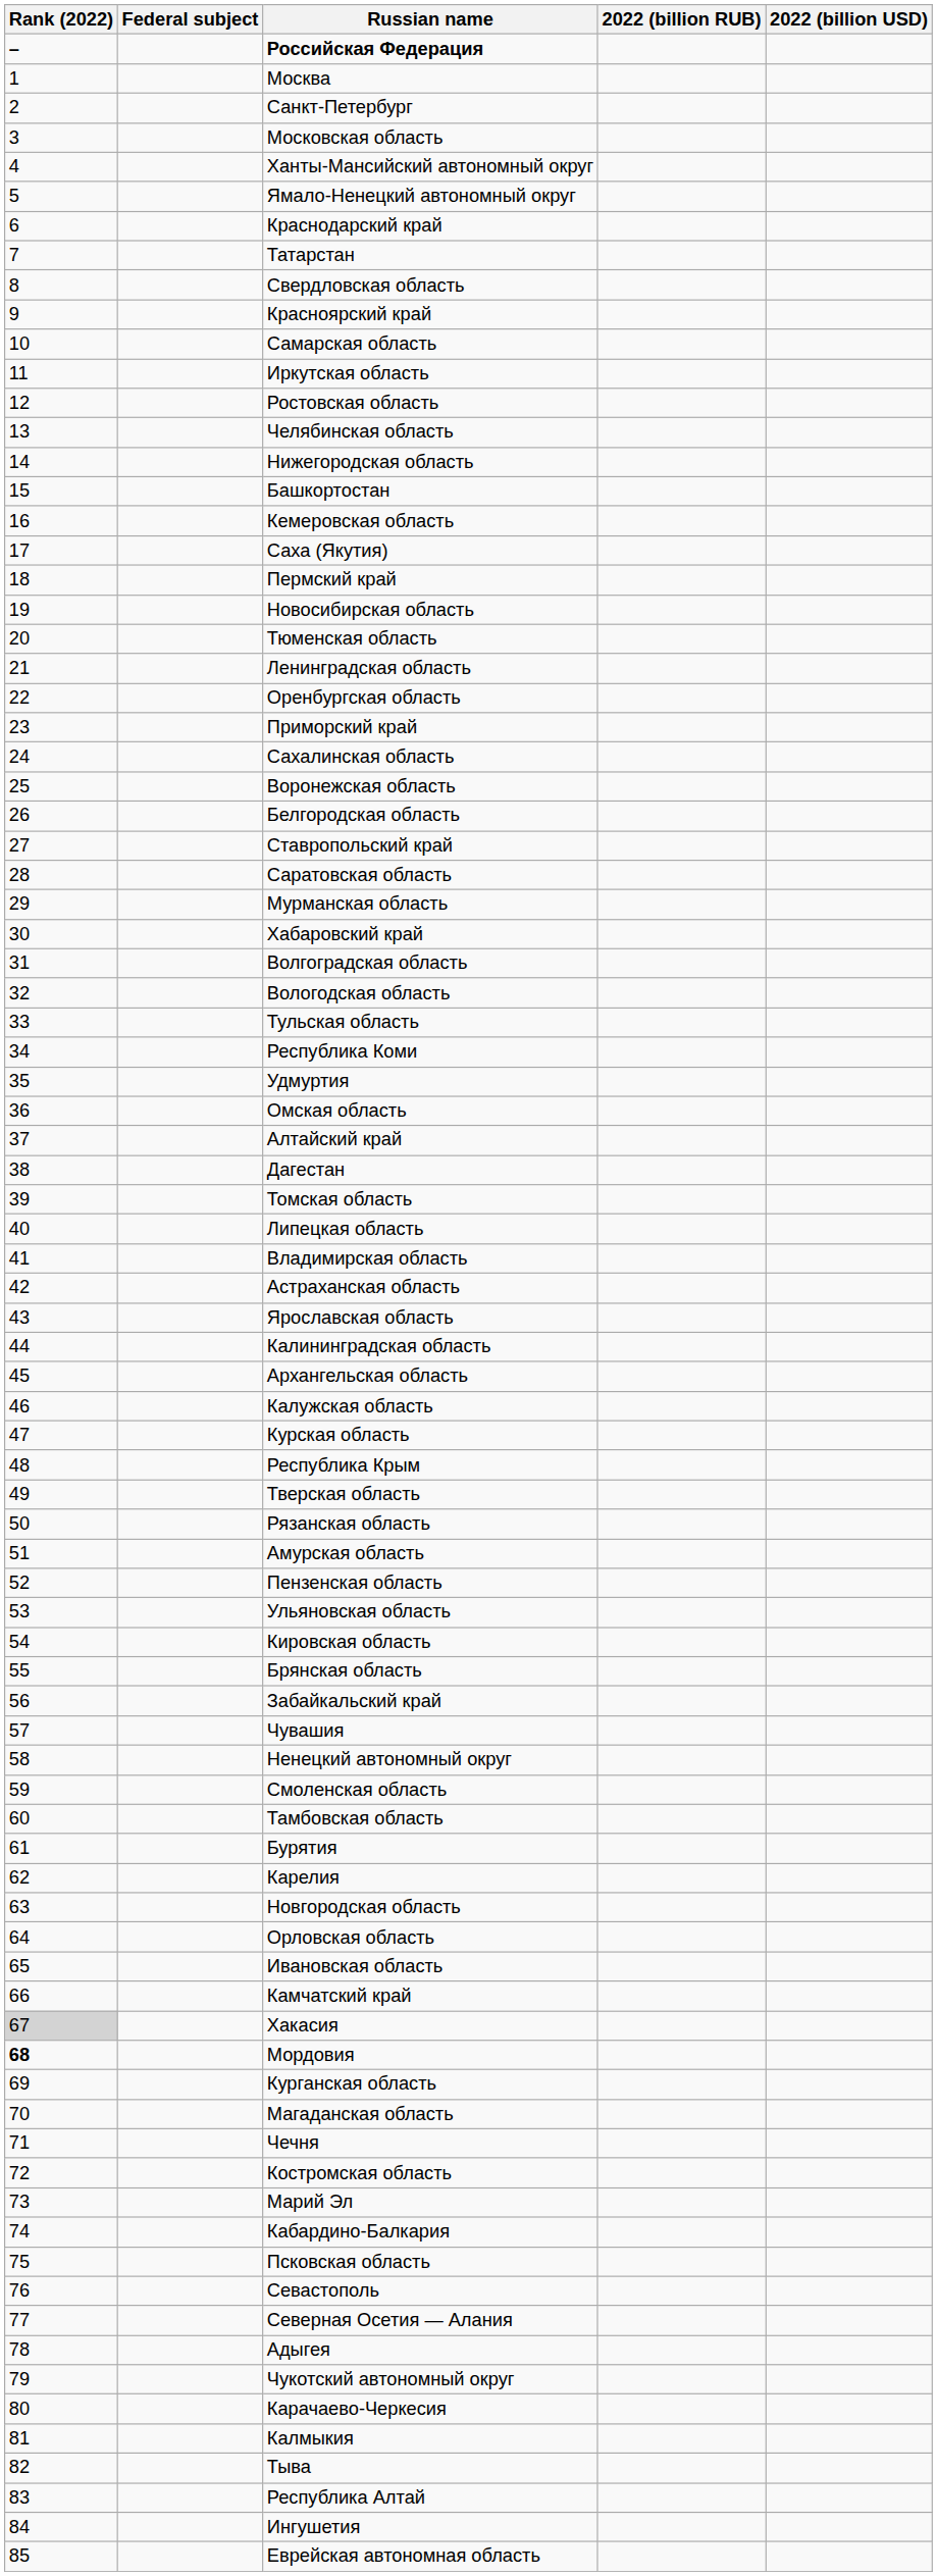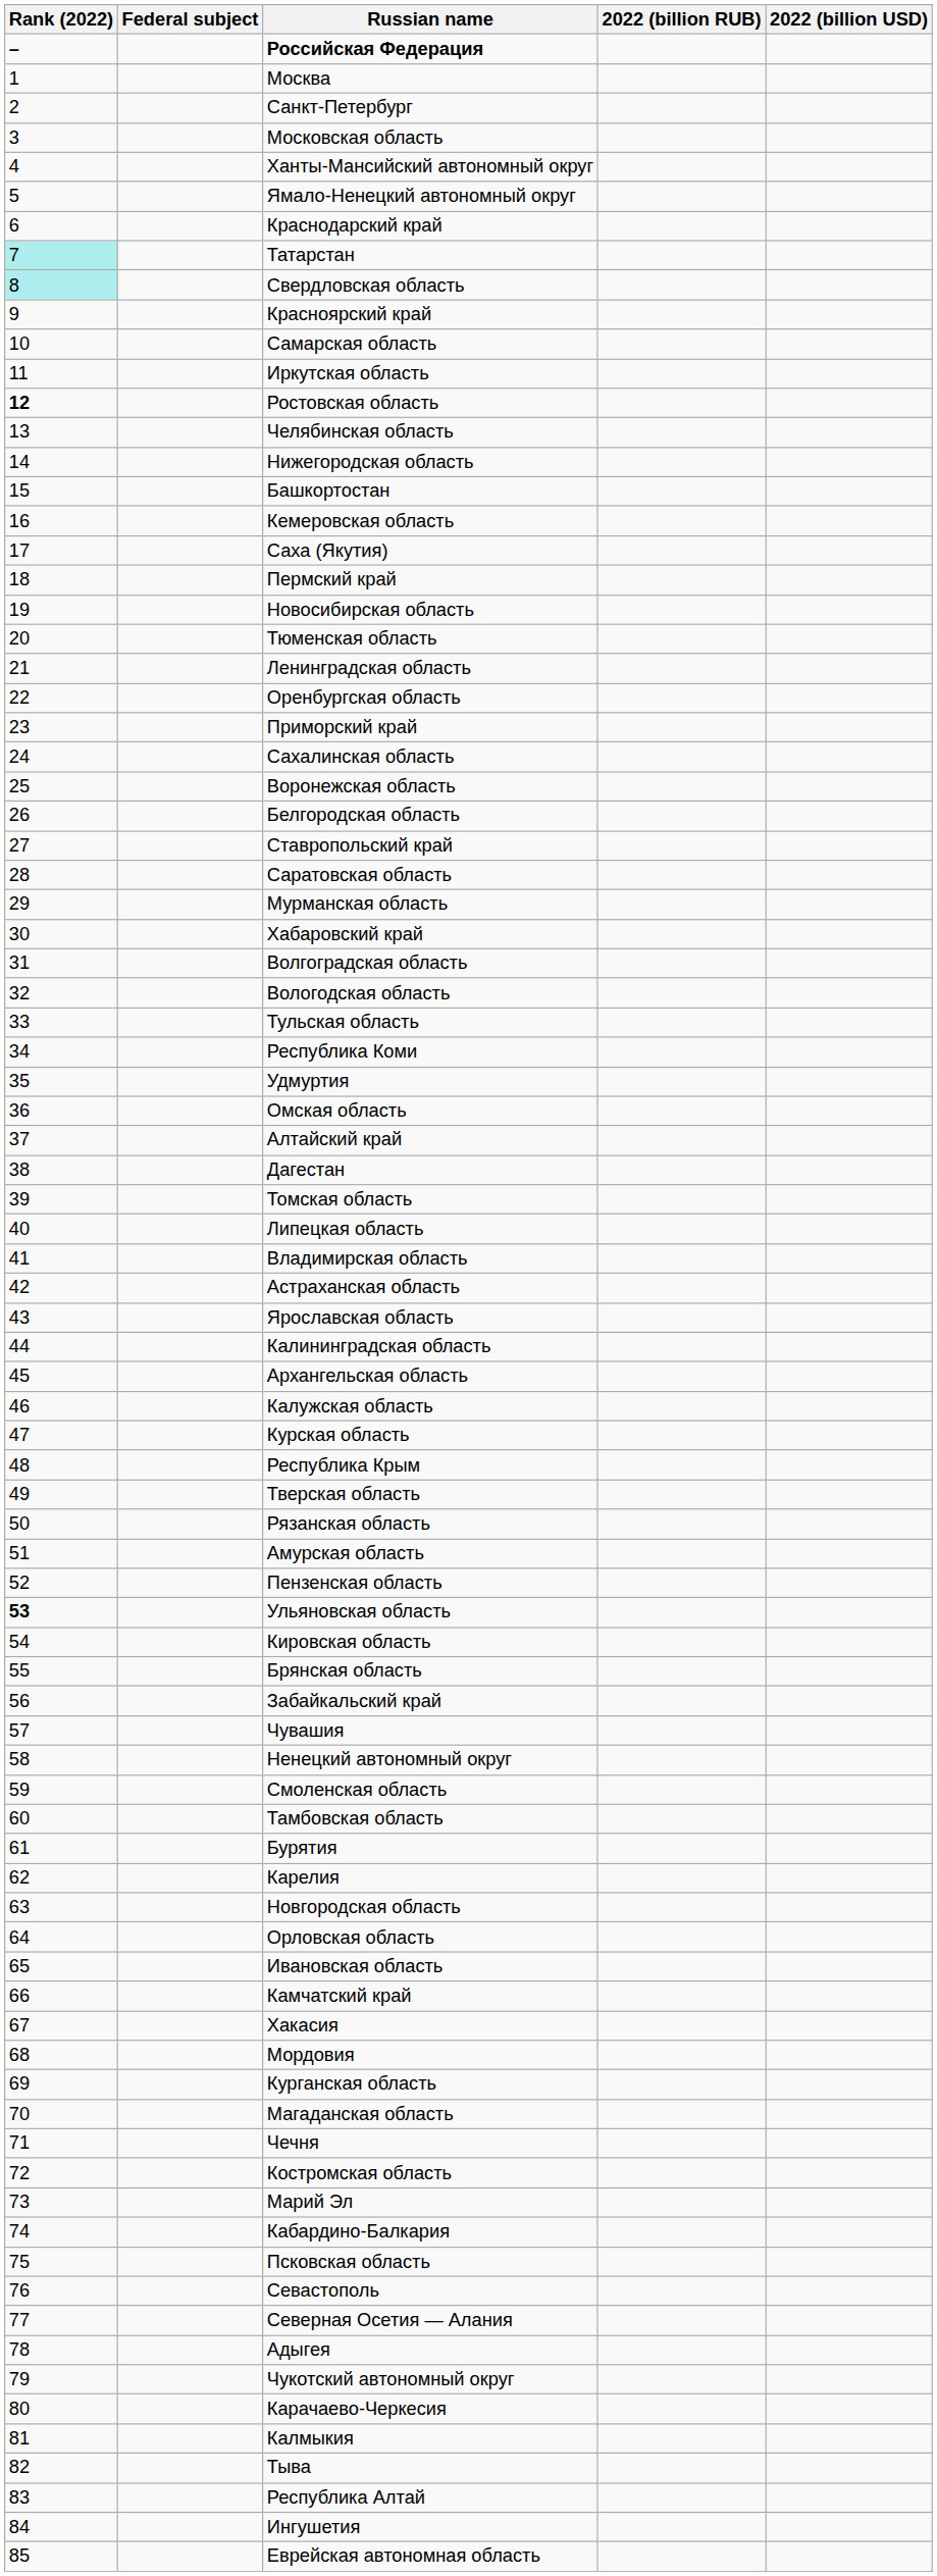 <table class="wikitable sortable">
 <tr>
 <th>Rank (2022)</th>
 <th>Federal subject</th>
 <th>Russian name</th>
 <th>2022 (billion RUB)</th>
 <th>2022 (billion USD)</th>
 </tr>
 <tr>
 <td><strong>–</strong></td>
 <td><strong> </strong></td>
 <td><strong>Российская Федерация</strong></td>
 <td></td>
 <td><strong></strong></td>
 </tr>
 <tr>
 <td>1</td>
 <td></td>
 <td>Москва</td>
 <td></td>
 <td></td>
 </tr>
 <tr>
 <td>2</td>
 <td></td>
 <td>Санкт-Петербург</td>
 <td></td>
 <td></td>
 </tr>
 <tr>
 <td>3</td>
 <td></td>
 <td>Московская область</td>
 <td></td>
 <td></td>
 </tr>
 <tr>
 <td>4</td>
 <td></td>
 <td>Ханты-Мансийский автономный округ</td>
 <td></td>
 <td></td>
 </tr>
 <tr>
 <td>5</td>
 <td></td>
 <td>Ямало-Ненецкий автономный округ</td>
 <td></td>
 <td></td>
 </tr>
 <tr>
 <td>6</td>
 <td></td>
 <td>Краснодарский край</td>
 <td></td>
 <td></td>
 </tr>
 <tr>
-<td>7</td>
+<td style="background: paleturquoise;">7</td>
 <td></td>
 <td>Татарстан</td>
 <td></td>
 <td></td>
 </tr>
 <tr>
-<td>8</td>
+<td style="background: paleturquoise;">8</td>
 <td></td>
 <td>Свердловская область</td>
 <td></td>
 <td></td>
 </tr>
 <tr>
 <td>9</td>
 <td></td>
 <td>Красноярский край</td>
 <td></td>
 <td></td>
 </tr>
 <tr>
 <td>10</td>
 <td></td>
 <td>Самарская область</td>
 <td></td>
 <td></td>
 </tr>
 <tr>
 <td>11</td>
 <td></td>
 <td>Иркутская область</td>
 <td></td>
 <td></td>
 </tr>
 <tr>
-<td>12</td>
+<td><strong>12</strong></td>
 <td></td>
 <td>Ростовская область</td>
 <td></td>
 <td></td>
 </tr>
 <tr>
 <td>13</td>
 <td></td>
 <td>Челябинская область</td>
 <td></td>
 <td></td>
 </tr>
 <tr>
 <td>14</td>
 <td></td>
 <td>Нижегородская область</td>
 <td></td>
 <td></td>
 </tr>
 <tr>
 <td>15</td>
 <td></td>
 <td>Башкортостан</td>
 <td></td>
 <td></td>
 </tr>
 <tr>
 <td>16</td>
 <td></td>
 <td>Кемеровская область</td>
 <td></td>
 <td></td>
 </tr>
 <tr>
 <td>17</td>
 <td></td>
 <td>Саха (Якутия)</td>
 <td></td>
 <td></td>
 </tr>
 <tr>
 <td>18</td>
 <td></td>
 <td>Пермский край</td>
 <td></td>
 <td></td>
 </tr>
 <tr>
 <td>19</td>
 <td></td>
 <td>Новосибирская область</td>
 <td></td>
 <td></td>
 </tr>
 <tr>
 <td>20</td>
 <td></td>
 <td>Тюменская область</td>
 <td></td>
 <td></td>
 </tr>
 <tr>
 <td>21</td>
 <td></td>
 <td>Ленинградская область</td>
 <td></td>
 <td></td>
 </tr>
 <tr>
 <td>22</td>
 <td></td>
 <td>Оренбургская область</td>
 <td></td>
 <td></td>
 </tr>
 <tr>
 <td>23</td>
 <td></td>
 <td>Приморский край</td>
 <td></td>
 <td></td>
 </tr>
 <tr>
 <td>24</td>
 <td></td>
 <td>Сахалинская область</td>
 <td></td>
 <td></td>
 </tr>
 <tr>
 <td>25</td>
 <td></td>
 <td>Воронежская область</td>
 <td></td>
 <td></td>
 </tr>
 <tr>
 <td>26</td>
 <td></td>
 <td>Белгородская область</td>
 <td></td>
 <td></td>
 </tr>
 <tr>
 <td>27</td>
 <td></td>
 <td>Ставропольский край</td>
 <td></td>
 <td></td>
 </tr>
 <tr>
 <td>28</td>
 <td></td>
 <td>Саратовская область</td>
 <td></td>
 <td></td>
 </tr>
 <tr>
 <td>29</td>
 <td></td>
 <td>Мурманская область</td>
 <td></td>
 <td></td>
 </tr>
 <tr>
 <td>30</td>
 <td></td>
 <td>Хабаровский край</td>
 <td></td>
 <td></td>
 </tr>
 <tr>
 <td>31</td>
 <td></td>
 <td>Волгоградская область</td>
 <td></td>
 <td></td>
 </tr>
 <tr>
 <td>32</td>
 <td></td>
 <td>Вологодская область</td>
 <td></td>
 <td></td>
 </tr>
 <tr>
 <td>33</td>
 <td></td>
 <td>Тульская область</td>
 <td></td>
 <td></td>
 </tr>
 <tr>
 <td>34</td>
 <td></td>
 <td>Республика Коми</td>
 <td></td>
 <td></td>
 </tr>
 <tr>
 <td>35</td>
 <td></td>
 <td>Удмуртия</td>
 <td></td>
 <td></td>
 </tr>
 <tr>
 <td>36</td>
 <td></td>
 <td>Омская область</td>
 <td></td>
 <td></td>
 </tr>
 <tr>
 <td>37</td>
 <td></td>
 <td>Алтайский край</td>
 <td></td>
 <td></td>
 </tr>
 <tr>
 <td>38</td>
 <td></td>
 <td>Дагестан</td>
 <td></td>
 <td></td>
 </tr>
 <tr>
 <td>39</td>
 <td></td>
 <td>Томская область</td>
 <td></td>
 <td></td>
 </tr>
 <tr>
 <td>40</td>
 <td></td>
 <td>Липецкая область</td>
 <td></td>
 <td></td>
 </tr>
 <tr>
 <td>41</td>
 <td></td>
 <td>Владимирская область</td>
 <td></td>
 <td></td>
 </tr>
 <tr>
 <td>42</td>
 <td></td>
 <td>Астраханская область</td>
 <td></td>
 <td></td>
 </tr>
 <tr>
 <td>43</td>
 <td></td>
 <td>Ярославская область</td>
 <td></td>
 <td></td>
 </tr>
 <tr>
 <td>44</td>
 <td></td>
 <td>Калининградская область</td>
 <td></td>
 <td></td>
 </tr>
 <tr>
 <td>45</td>
 <td></td>
 <td>Архангельская область</td>
 <td></td>
 <td></td>
 </tr>
 <tr>
 <td>46</td>
 <td></td>
 <td>Калужская область</td>
 <td></td>
 <td></td>
 </tr>
 <tr>
 <td>47</td>
 <td></td>
 <td>Курская область</td>
 <td></td>
 <td></td>
 </tr>
 <tr>
 <td>48</td>
 <td></td>
 <td>Республика Крым</td>
 <td></td>
 <td></td>
 </tr>
 <tr>
 <td>49</td>
 <td></td>
 <td>Тверская область</td>
 <td></td>
 <td></td>
 </tr>
 <tr>
 <td>50</td>
 <td></td>
 <td>Рязанская область</td>
 <td></td>
 <td></td>
 </tr>
 <tr>
 <td>51</td>
 <td></td>
 <td>Амурская область</td>
 <td></td>
 <td></td>
 </tr>
 <tr>
 <td>52</td>
 <td></td>
 <td>Пензенская область</td>
 <td></td>
 <td></td>
 </tr>
 <tr>
-<td>53</td>
+<td><strong>53</strong></td>
 <td></td>
 <td>Ульяновская область</td>
 <td></td>
 <td></td>
 </tr>
 <tr>
 <td>54</td>
 <td></td>
 <td>Кировская область</td>
 <td></td>
 <td></td>
 </tr>
 <tr>
 <td>55</td>
 <td></td>
 <td>Брянская область</td>
 <td></td>
 <td></td>
 </tr>
 <tr>
 <td>56</td>
 <td></td>
 <td>Забайкальский край</td>
 <td></td>
 <td></td>
 </tr>
 <tr>
 <td>57</td>
 <td></td>
 <td>Чувашия</td>
 <td></td>
 <td></td>
 </tr>
 <tr>
 <td>58</td>
 <td></td>
 <td>Ненецкий автономный округ</td>
 <td></td>
 <td></td>
 </tr>
 <tr>
 <td>59</td>
 <td></td>
 <td>Смоленская область</td>
 <td></td>
 <td></td>
 </tr>
 <tr>
 <td>60</td>
 <td></td>
 <td>Тамбовская область</td>
 <td></td>
 <td></td>
 </tr>
 <tr>
 <td>61</td>
 <td></td>
 <td>Бурятия</td>
 <td></td>
 <td></td>
 </tr>
 <tr>
 <td>62</td>
 <td></td>
 <td>Карелия</td>
 <td></td>
 <td></td>
 </tr>
 <tr>
 <td>63</td>
 <td></td>
 <td>Новгородская область</td>
 <td></td>
 <td></td>
 </tr>
 <tr>
 <td>64</td>
 <td></td>
 <td>Орловская область</td>
 <td></td>
 <td></td>
 </tr>
 <tr>
 <td>65</td>
 <td></td>
 <td>Ивановская область</td>
 <td></td>
 <td></td>
 </tr>
 <tr>
 <td>66</td>
 <td></td>
 <td>Камчатский край</td>
 <td></td>
 <td></td>
 </tr>
 <tr>
-<td style="background: lightgrey;">67</td>
+<td>67</td>
 <td></td>
 <td>Хакасия</td>
 <td></td>
 <td></td>
 </tr>
 <tr>
-<td><strong>68</strong></td>
+<td>68</td>
 <td></td>
 <td>Мордовия</td>
 <td></td>
 <td></td>
 </tr>
 <tr>
 <td>69</td>
 <td></td>
 <td>Курганская область</td>
 <td></td>
 <td></td>
 </tr>
 <tr>
 <td>70</td>
 <td></td>
 <td>Магаданская область</td>
 <td></td>
 <td></td>
 </tr>
 <tr>
 <td>71</td>
 <td></td>
 <td>Чечня</td>
 <td></td>
 <td></td>
 </tr>
 <tr>
 <td>72</td>
 <td></td>
 <td>Костромская область</td>
 <td></td>
 <td></td>
 </tr>
 <tr>
 <td>73</td>
 <td></td>
 <td>Марий Эл</td>
 <td></td>
 <td></td>
 </tr>
 <tr>
 <td>74</td>
 <td></td>
 <td>Кабардино-Балкария</td>
 <td></td>
 <td></td>
 </tr>
 <tr>
 <td>75</td>
 <td></td>
 <td>Псковская область</td>
 <td></td>
 <td></td>
 </tr>
 <tr>
 <td>76</td>
 <td></td>
 <td>Севастополь</td>
 <td></td>
 <td></td>
 </tr>
 <tr>
 <td>77</td>
 <td></td>
 <td>Северная Осетия — Алания</td>
 <td></td>
 <td></td>
 </tr>
 <tr>
 <td>78</td>
 <td></td>
 <td>Адыгея</td>
 <td></td>
 <td></td>
 </tr>
 <tr>
 <td>79</td>
 <td></td>
 <td>Чукотский автономный округ</td>
 <td></td>
 <td></td>
 </tr>
 <tr>
 <td>80</td>
 <td></td>
 <td>Карачаево-Черкесия</td>
 <td></td>
 <td></td>
 </tr>
 <tr>
 <td>81</td>
 <td></td>
 <td>Калмыкия</td>
 <td></td>
 <td></td>
 </tr>
 <tr>
 <td>82</td>
 <td></td>
 <td>Тыва</td>
 <td></td>
 <td></td>
 </tr>
 <tr>
 <td>83</td>
 <td></td>
 <td>Республика Алтай</td>
 <td></td>
 <td></td>
 </tr>
 <tr>
 <td>84</td>
 <td></td>
 <td>Ингушетия</td>
 <td></td>
 <td></td>
 </tr>
 <tr>
 <td>85</td>
 <td></td>
 <td>Еврейская автономная область</td>
 <td></td>
 <td></td>
 </tr>
 </table>
